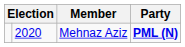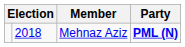 <table class="wikitable">
 <tr>
 <th colspan="2">Election</th>
 <th>Member</th>
 <th>Party</th>
 </tr>
 <tr>
 <td style="background-color: "></td>
-<td><a href='#'>2020</a></td>
+<td><a href='#'>2018</a></td>
 <td><a href='#'>Mehnaz Aziz</a></td>
 <td><strong><a href='#'>PML (N)</a></strong></td>
 </tr>
 </table>
